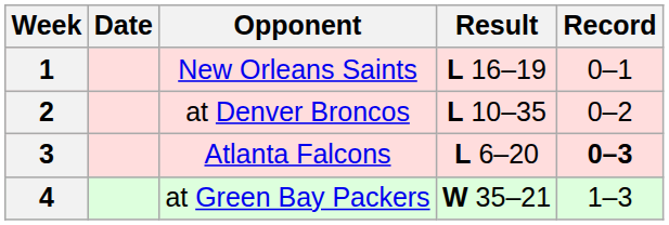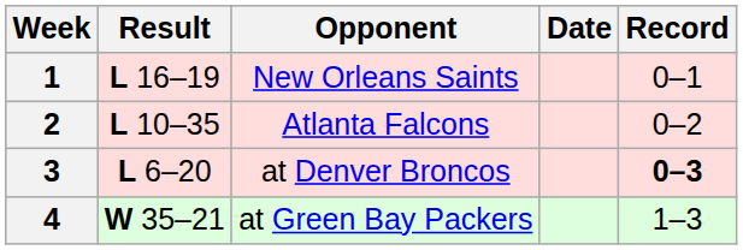 <table class="wikitable" style="text-align:center">
 <tr>
 <th>Week</th>
+<th>Result</th>
+<th>Opponent</th>
 <th>Date</th>
-<th>Opponent</th>
-<th>Result</th>
 <th>Record</th>
 </tr>
 <tr style="background:#fdd;">
 <th>1</th>
+<td><strong>L</strong> 16–19</td>
+<td><a href='#'>New Orleans Saints</a></td>
 <td></td>
-<td><a href='#'>New Orleans Saints</a></td>
-<td><strong>L</strong> 16–19</td>
 <td>0–1</td>
 </tr>
 <tr style="background:#fdd;">
 <th>2</th>
+<td><strong>L</strong> 10–35</td>
+<td><a href='#'>Atlanta Falcons</a></td>
 <td></td>
-<td>at <a href='#'>Denver Broncos</a></td>
-<td><strong>L</strong> 10–35</td>
 <td>0–2</td>
 </tr>
 <tr style="background:#fdd;">
 <th>3</th>
+<td><strong>L</strong> 6–20</td>
+<td>at <a href='#'>Denver Broncos</a></td>
 <td></td>
-<td><a href='#'>Atlanta Falcons</a></td>
-<td><strong>L</strong> 6–20</td>
 <td><strong>0–3</strong></td>
 </tr>
 <tr style="background:#dfd;">
 <th>4</th>
+<td><strong>W</strong> 35–21</td>
+<td>at <a href='#'>Green Bay Packers</a></td>
 <td></td>
-<td>at <a href='#'>Green Bay Packers</a></td>
-<td><strong>W</strong> 35–21</td>
 <td>1–3</td>
 </tr>
 </table>
